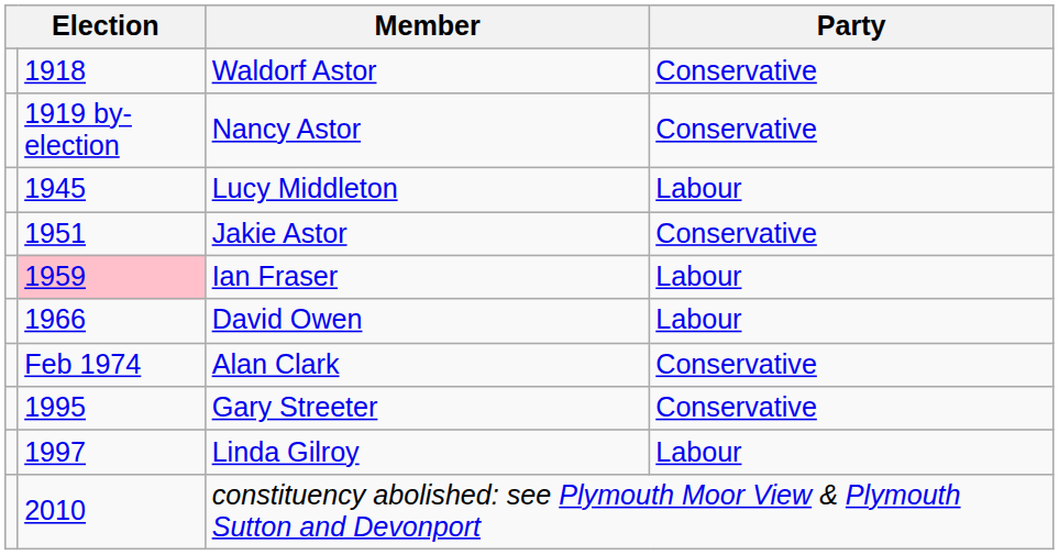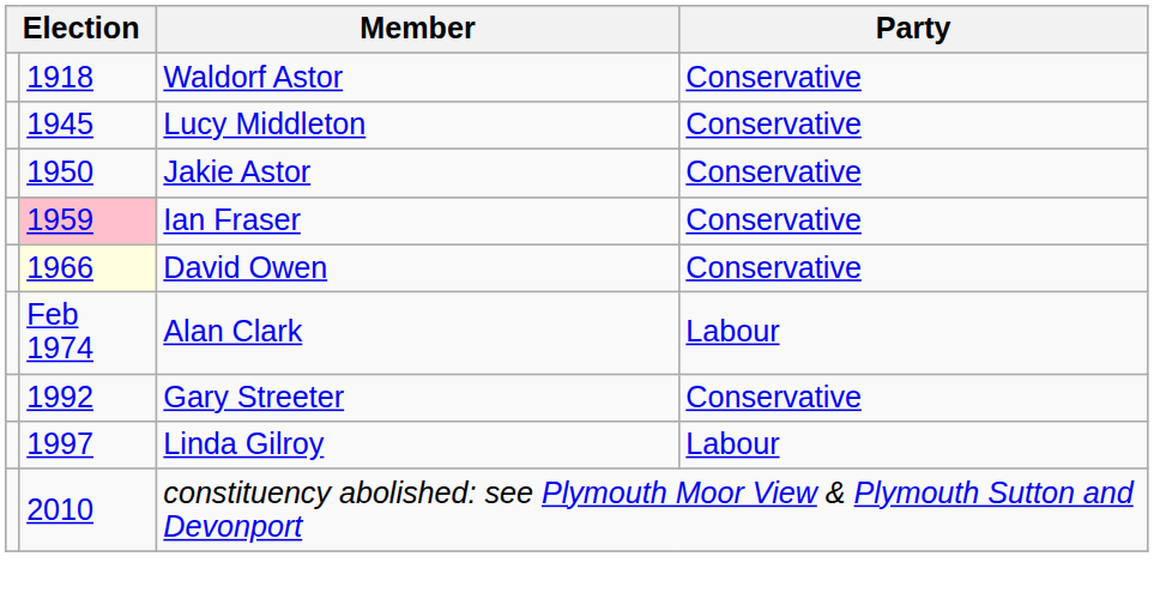 <table class="wikitable">
 <tr>
 <th colspan="2">Election</th>
 <th>Member</th>
 <th>Party</th>
 </tr>
 <tr>
 <td style="color:inherit;background-color: "></td>
 <td><a href='#'>1918</a></td>
 <td><a href='#'>Waldorf Astor</a></td>
 <td><a href='#'>Conservative</a></td>
 </tr>
 <tr>
 <td style="color:inherit;background-color: "></td>
-<td><a href='#'>1919 by-election</a></td>
-<td><a href='#'>Nancy Astor</a></td>
+<td><a href='#'>1945</a></td>
+<td><a href='#'>Lucy Middleton</a></td>
 <td><a href='#'>Conservative</a></td>
 </tr>
 <tr>
 <td style="color:inherit;background-color: "></td>
-<td><a href='#'>1945</a></td>
-<td><a href='#'>Lucy Middleton</a></td>
-<td><a href='#'>Labour</a></td>
-</tr>
-<tr>
-<td style="color:inherit;background-color: "></td>
-<td><a href='#'>1951</a></td>
+<td><a href='#'>1950</a></td>
 <td><a href='#'>Jakie Astor</a></td>
 <td><a href='#'>Conservative</a></td>
 </tr>
 <tr>
 <td style="color:inherit;background-color: "></td>
 <td style="background: pink;"><a href='#'>1959</a></td>
 <td><a href='#'>Ian Fraser</a></td>
-<td><a href='#'>Labour</a></td>
+<td><a href='#'>Conservative</a></td>
 </tr>
 <tr>
 <td style="color:inherit;background-color: "></td>
-<td><a href='#'>1966</a></td>
+<td style="background: lightyellow;"><a href='#'>1966</a></td>
 <td><a href='#'>David Owen</a></td>
-<td><a href='#'>Labour</a></td>
+<td><a href='#'>Conservative</a></td>
 </tr>
 <tr>
 <td style="color:inherit;background-color: "></td>
 <td><a href='#'>Feb 1974</a></td>
 <td><a href='#'>Alan Clark</a></td>
-<td><a href='#'>Conservative</a></td>
+<td><a href='#'>Labour</a></td>
 </tr>
 <tr>
 <td style="color:inherit;background-color: "></td>
-<td><a href='#'>1995</a></td>
+<td><a href='#'>1992</a></td>
 <td><a href='#'>Gary Streeter</a></td>
 <td><a href='#'>Conservative</a></td>
 </tr>
 <tr>
 <td style="color:inherit;background-color: "></td>
 <td><a href='#'>1997</a></td>
 <td><a href='#'>Linda Gilroy</a></td>
 <td><a href='#'>Labour</a></td>
 </tr>
 <tr>
 <td></td>
 <td><a href='#'>2010</a></td>
 <td colspan="2"><em>constituency abolished: see <a href='#'>Plymouth Moor View</a> & <a href='#'>Plymouth Sutton and Devonport</a></em></td>
 </tr>
 </table>
